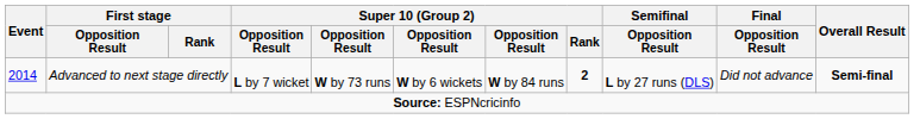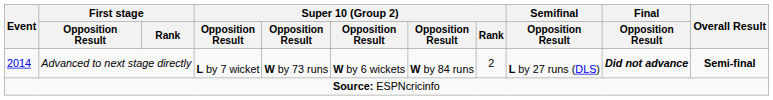 <table class=wikitable style=font-size:90%;text-align:center>
 <tr>
 <th rowspan=2>Event</th>
 <th colspan=2>First stage</th>
 <th colspan=5>Super 10 (Group 2)</th>
 <th>Semifinal</th>
 <th>Final</th>
 <th rowspan=2>Overall Result</th>
 </tr>
 <tr style=font-size:95%>
 <th>Opposition<br>Result</th>
 <th>Rank</th>
 <th>Opposition<br>Result</th>
 <th>Opposition<br>Result</th>
 <th>Opposition<br>Result</th>
 <th>Opposition<br>Result</th>
 <th>Rank</th>
 <th>Opposition<br>Result</th>
 <th>Opposition<br>Result</th>
 </tr>
 <tr>
 <td align=left><a href='#'>2014</a></td>
 <td colspan="2"><em>Advanced to next stage directly</em></td>
 <td><br><strong>L</strong> by 7 wicket</td>
 <td><br><strong>W</strong> by 73 runs</td>
 <td><br><strong>W</strong> by 6 wickets</td>
 <td><br><strong>W</strong> by 84 runs</td>
-<td><strong>2</strong></td>
+<td>2</td>
 <td><br><strong>L</strong> by 27 runs (<a href='#'>DLS</a>)</td>
-<td><em>Did not advance</em></td>
+<td><strong><em>Did not advance</em></strong></td>
 <td><strong>Semi-final</strong></td>
 </tr>
 <tr>
 <td colspan="11"><strong>Source:</strong> ESPNcricinfo</td>
 </tr>
 </table>
